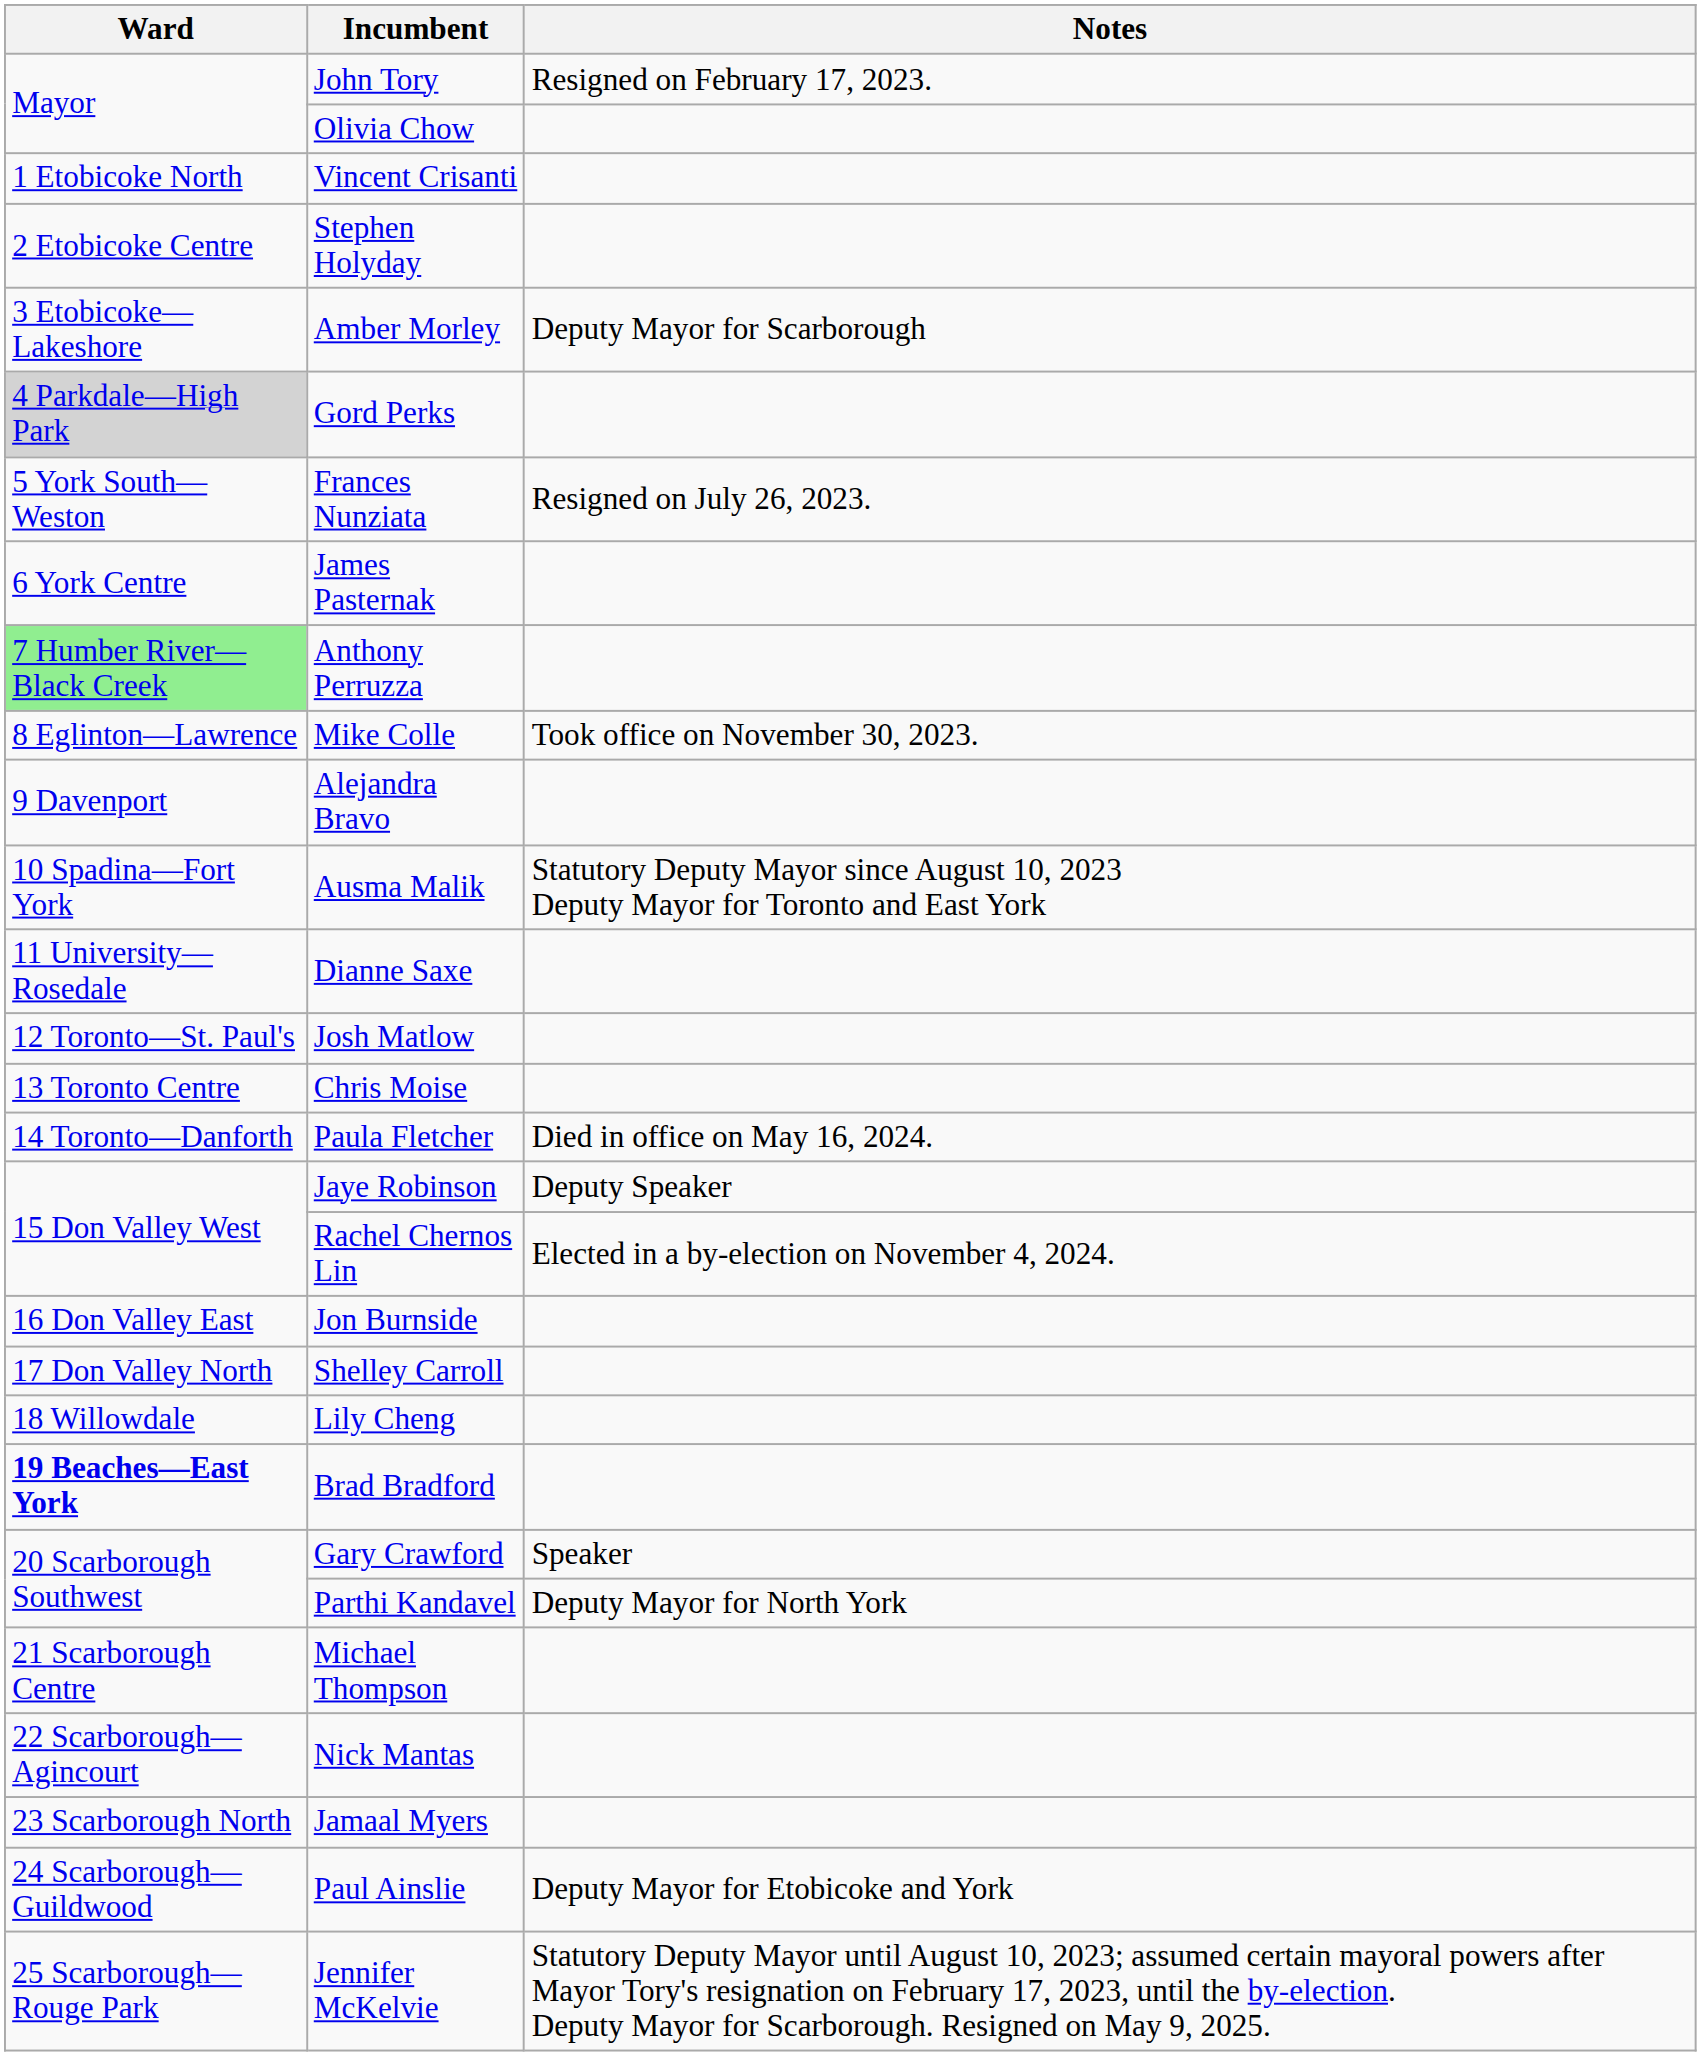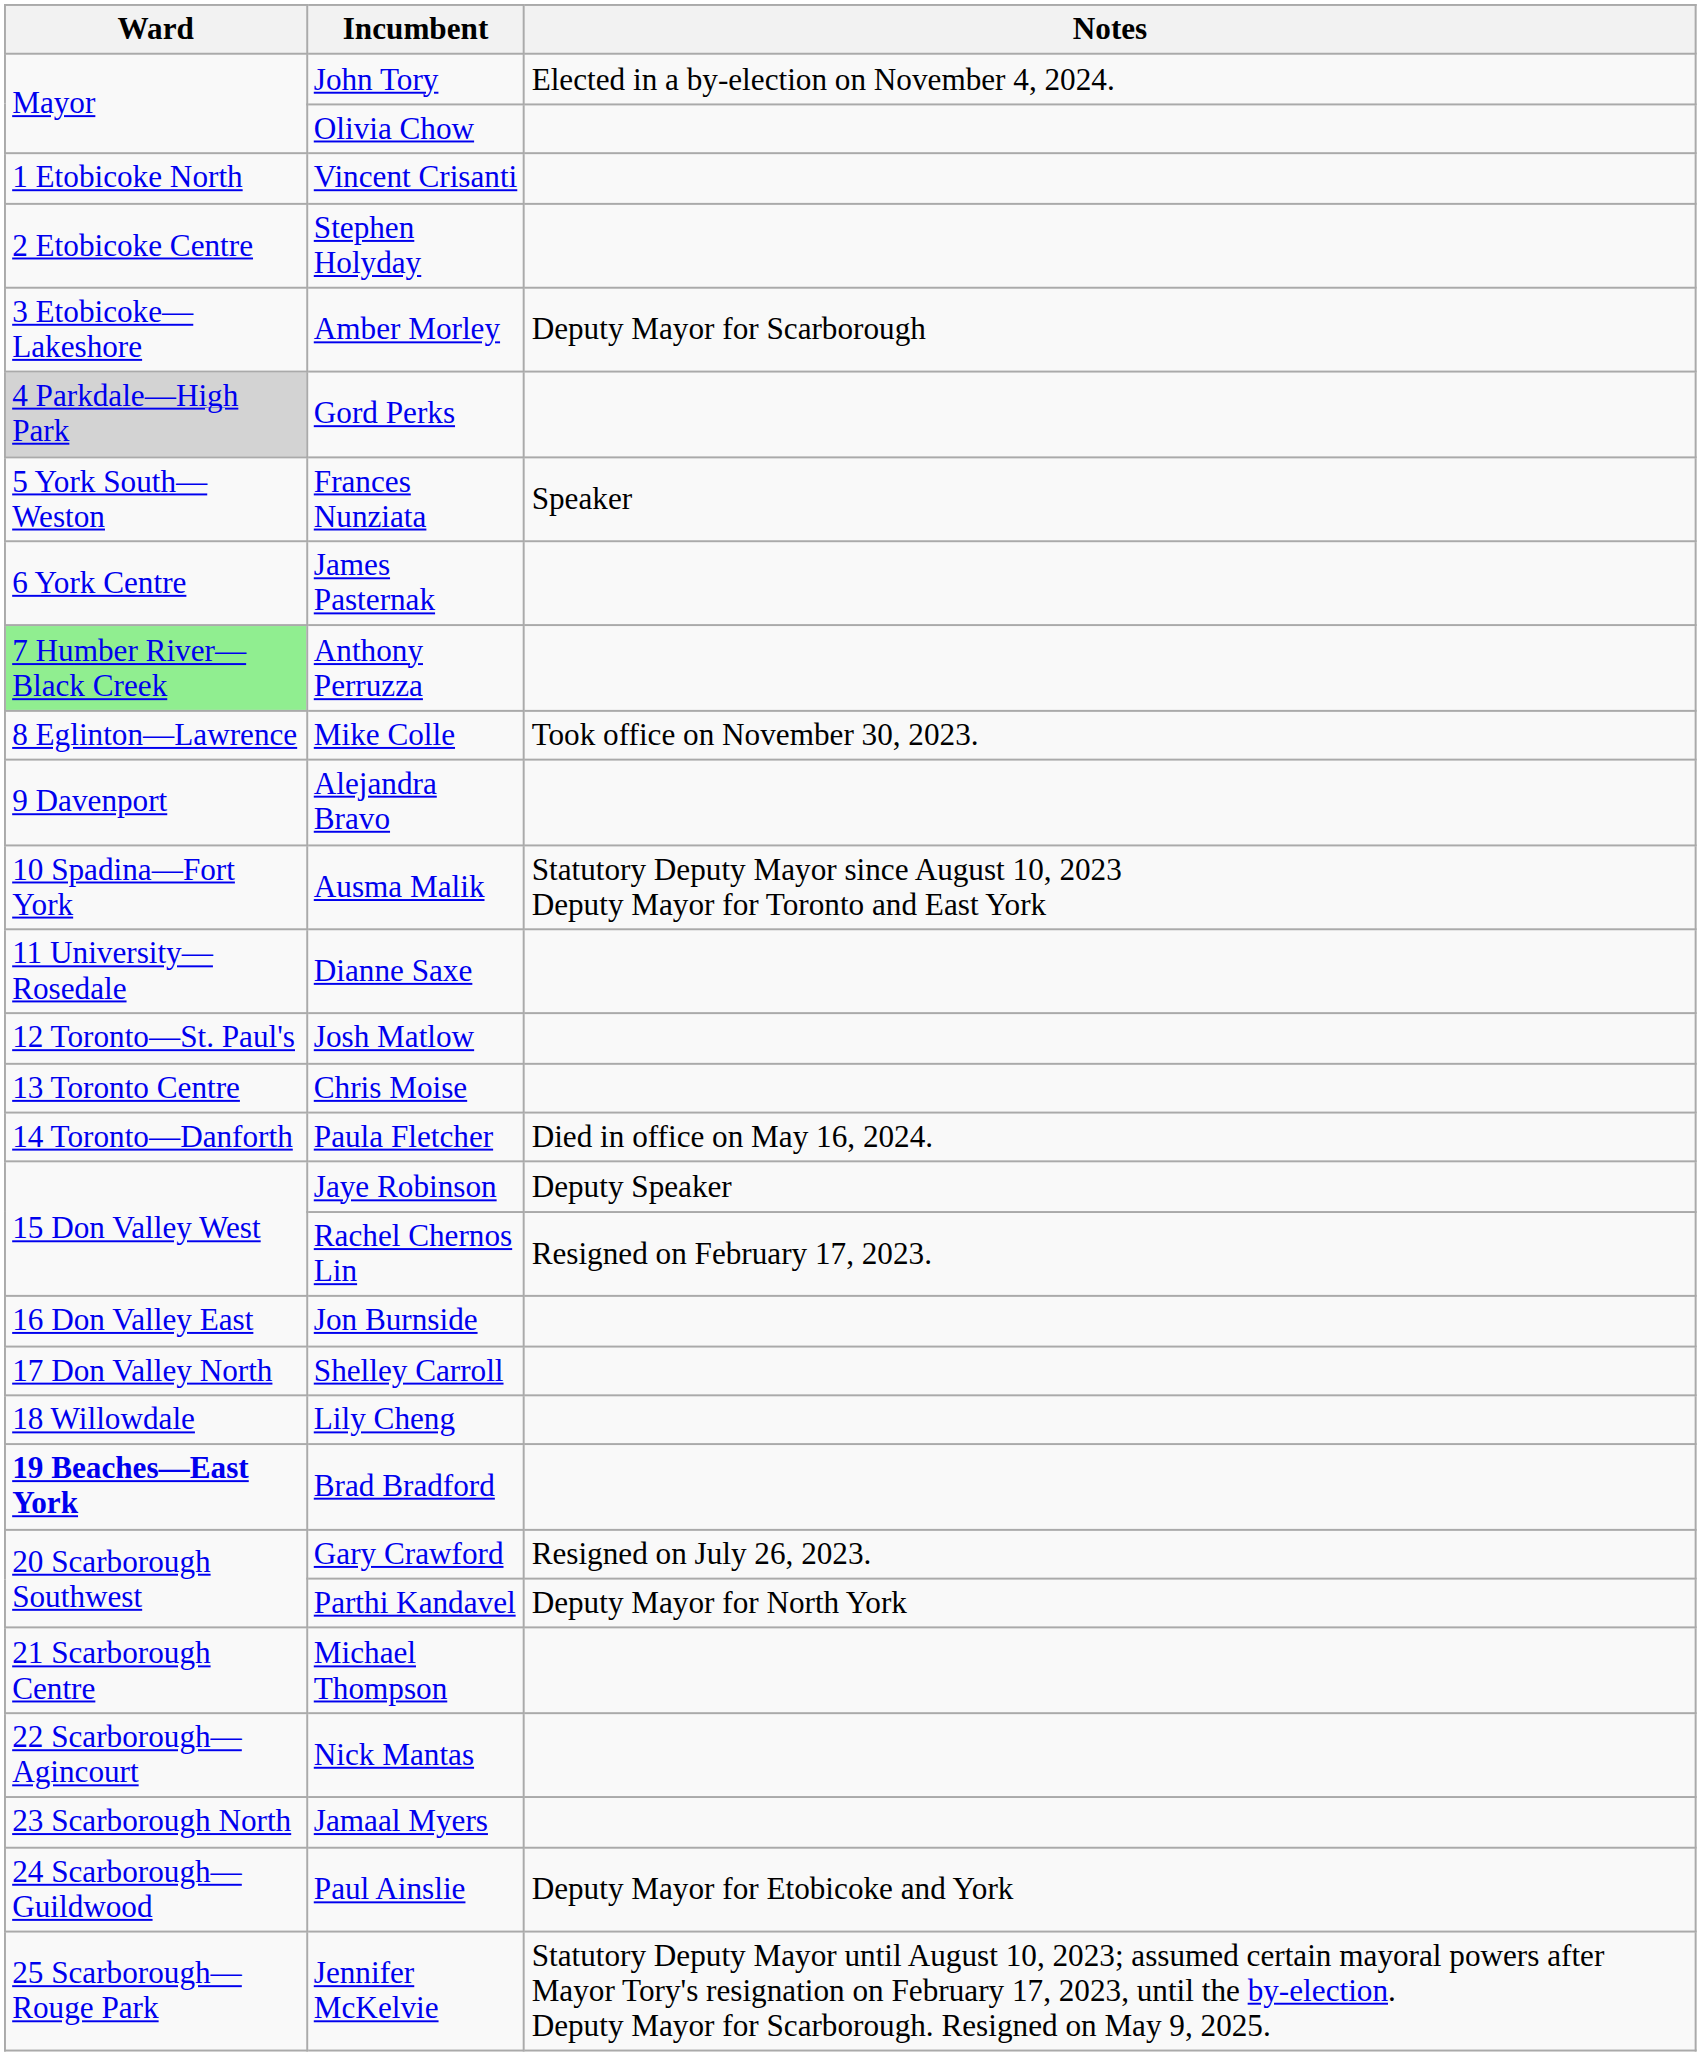 <table class="wikitable">
 <tr>
 <th>Ward </th>
 <th>Incumbent</th>
 <th>Notes</th>
 </tr>
 <tr>
 <td rowspan="2"><a href='#'>Mayor</a></td>
 <td><a href='#'>John Tory</a> </td>
-<td>Resigned on February 17, 2023.</td>
+<td>Elected in a by-election on November 4, 2024.</td>
 </tr>
 <tr>
 <td><a href='#'>Olivia Chow</a> </td>
 <td></td>
 </tr>
 <tr>
 <td><a href='#'>1 Etobicoke North</a><br></td>
 <td><a href='#'>Vincent Crisanti</a></td>
 <td></td>
 </tr>
 <tr>
 <td><a href='#'>2 Etobicoke Centre</a><br></td>
 <td><a href='#'>Stephen Holyday</a></td>
 <td></td>
 </tr>
 <tr>
 <td><a href='#'>3 Etobicoke—Lakeshore</a><br></td>
 <td><a href='#'>Amber Morley</a></td>
 <td>Deputy Mayor for Scarborough</td>
 </tr>
 <tr>
 <td style="background: lightgrey;"><a href='#'>4 Parkdale—High Park</a><br></td>
 <td><a href='#'>Gord Perks</a></td>
 <td></td>
 </tr>
 <tr>
 <td><a href='#'>5 York South—Weston</a><br></td>
 <td><a href='#'>Frances Nunziata</a></td>
-<td>Resigned on July 26, 2023.</td>
+<td>Speaker</td>
 </tr>
 <tr>
 <td><a href='#'>6 York Centre</a><br></td>
 <td><a href='#'>James Pasternak</a></td>
 <td></td>
 </tr>
 <tr>
 <td style="background: lightgreen;"><a href='#'>7 Humber River—Black Creek</a><br></td>
 <td><a href='#'>Anthony Perruzza</a></td>
 <td></td>
 </tr>
 <tr>
 <td><a href='#'>8 Eglinton—Lawrence</a><br></td>
 <td><a href='#'>Mike Colle</a></td>
 <td>Took office on November 30, 2023.</td>
 </tr>
 <tr>
 <td><a href='#'>9 Davenport</a><br></td>
 <td><a href='#'>Alejandra Bravo</a></td>
 <td></td>
 </tr>
 <tr>
 <td><a href='#'>10 Spadina—Fort York</a><br></td>
 <td><a href='#'>Ausma Malik</a></td>
 <td>Statutory Deputy Mayor since August 10, 2023<br>Deputy Mayor for Toronto and East York</td>
 </tr>
 <tr>
 <td><a href='#'>11 University—Rosedale</a><br></td>
 <td><a href='#'>Dianne Saxe</a></td>
 <td></td>
 </tr>
 <tr>
 <td><a href='#'>12 Toronto—St. Paul's</a><br></td>
 <td><a href='#'>Josh Matlow</a></td>
 <td></td>
 </tr>
 <tr>
 <td><a href='#'>13 Toronto Centre</a><br></td>
 <td><a href='#'>Chris Moise</a></td>
 <td></td>
 </tr>
 <tr>
 <td><a href='#'>14 Toronto—Danforth</a><br></td>
 <td><a href='#'>Paula Fletcher</a></td>
 <td>Died in office on May 16, 2024.</td>
 </tr>
 <tr>
 <td rowspan=2><a href='#'>15 Don Valley West</a><br></td>
 <td><a href='#'>Jaye Robinson</a> </td>
 <td>Deputy Speaker</td>
 </tr>
 <tr>
 <td><a href='#'>Rachel Chernos Lin</a> </td>
-<td>Elected in a by-election on November 4, 2024.</td>
+<td>Resigned on February 17, 2023.</td>
 </tr>
 <tr>
 <td><a href='#'>16 Don Valley East</a><br></td>
 <td><a href='#'>Jon Burnside</a></td>
 <td></td>
 </tr>
 <tr>
 <td><a href='#'>17 Don Valley North</a><br></td>
 <td><a href='#'>Shelley Carroll</a></td>
 <td></td>
 </tr>
 <tr>
 <td><a href='#'>18 Willowdale</a><br></td>
 <td><a href='#'>Lily Cheng</a></td>
 <td></td>
 </tr>
 <tr>
 <td><strong><a href='#'>19 Beaches—East York</a><br></strong></td>
 <td><a href='#'>Brad Bradford</a></td>
 <td></td>
 </tr>
 <tr>
 <td rowspan="2"><a href='#'>20 Scarborough Southwest</a><br></td>
 <td><a href='#'>Gary Crawford</a> </td>
-<td>Speaker</td>
+<td>Resigned on July 26, 2023.</td>
 </tr>
 <tr>
 <td><a href='#'>Parthi Kandavel</a> </td>
 <td>Deputy Mayor for North York</td>
 </tr>
 <tr>
 <td><a href='#'>21 Scarborough Centre</a><br></td>
 <td><a href='#'>Michael Thompson</a></td>
 <td></td>
 </tr>
 <tr>
 <td><a href='#'>22 Scarborough—Agincourt</a><br></td>
 <td><a href='#'>Nick Mantas</a></td>
 <td></td>
 </tr>
 <tr>
 <td><a href='#'>23 Scarborough North</a><br></td>
 <td><a href='#'>Jamaal Myers</a></td>
 <td></td>
 </tr>
 <tr>
 <td><a href='#'>24 Scarborough—Guildwood</a><br></td>
 <td><a href='#'>Paul Ainslie</a></td>
 <td>Deputy Mayor for Etobicoke and York</td>
 </tr>
 <tr>
 <td><a href='#'>25 Scarborough—Rouge Park</a><br></td>
 <td><a href='#'>Jennifer McKelvie</a> </td>
 <td>Statutory Deputy Mayor until August 10, 2023; assumed certain mayoral powers after Mayor Tory's resignation on February 17, 2023, until the <a href='#'>by-election</a>.<br>Deputy Mayor for Scarborough. Resigned on May 9, 2025.</td>
 </tr>
 </table>
